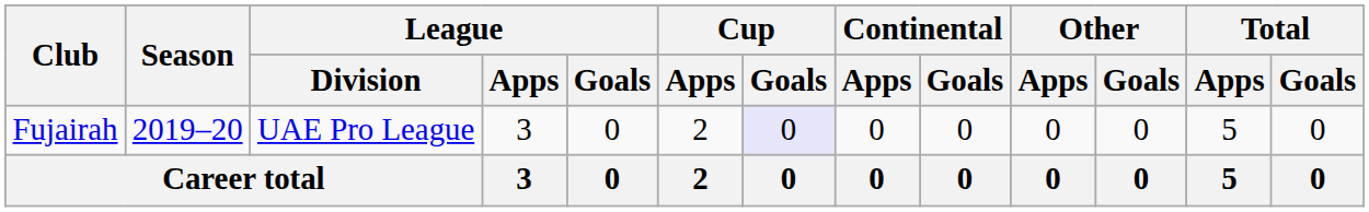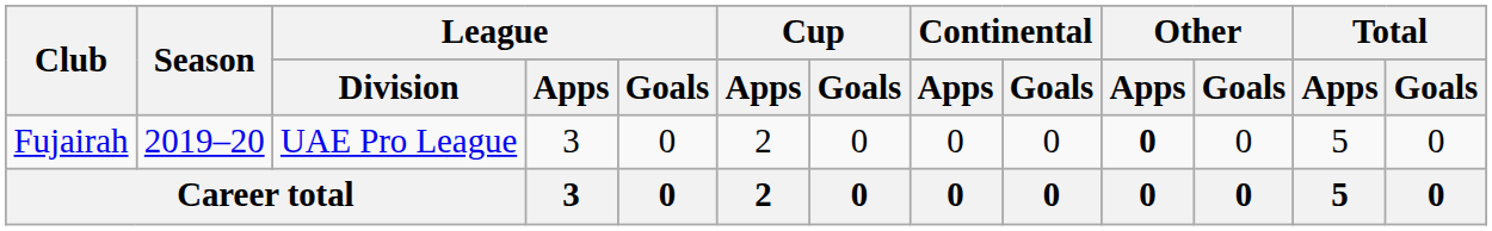 <table class="wikitable" style="text-align: center">
 <tr>
 <th rowspan="2">Club</th>
 <th rowspan="2">Season</th>
 <th colspan="3">League</th>
 <th colspan="2">Cup</th>
 <th colspan="2">Continental</th>
 <th colspan="2">Other</th>
 <th colspan="2">Total</th>
 </tr>
 <tr>
 <th>Division</th>
 <th>Apps</th>
 <th>Goals</th>
 <th>Apps</th>
 <th>Goals</th>
 <th>Apps</th>
 <th>Goals</th>
 <th>Apps</th>
 <th>Goals</th>
 <th>Apps</th>
 <th>Goals</th>
 </tr>
 <tr>
 <td><a href='#'>Fujairah</a></td>
 <td><a href='#'>2019–20</a></td>
 <td><a href='#'>UAE Pro League</a></td>
 <td>3</td>
 <td>0</td>
 <td>2</td>
-<td style="background: lavender;">0</td>
 <td>0</td>
 <td>0</td>
 <td>0</td>
+<td><strong>0</strong></td>
 <td>0</td>
 <td>5</td>
 <td>0</td>
 </tr>
 <tr>
 <th colspan="3"><strong>Career total</strong></th>
 <th>3</th>
 <th>0</th>
 <th>2</th>
 <th>0</th>
 <th>0</th>
 <th>0</th>
 <th>0</th>
 <th>0</th>
 <th>5</th>
 <th>0</th>
 </tr>
 </table>
